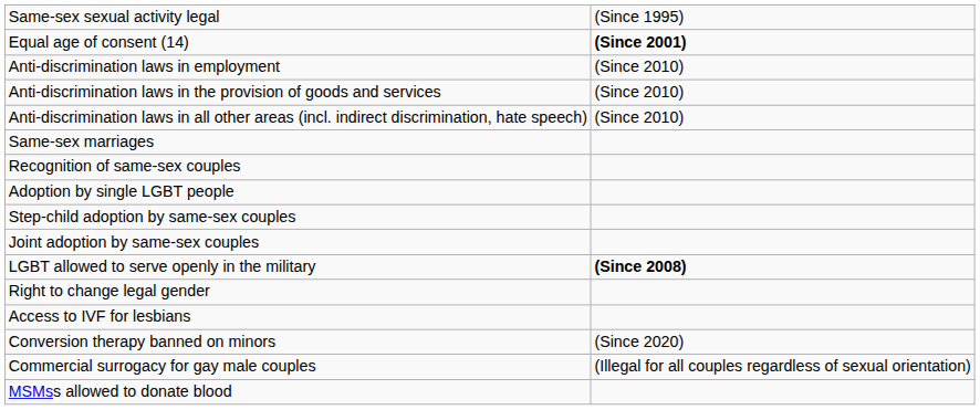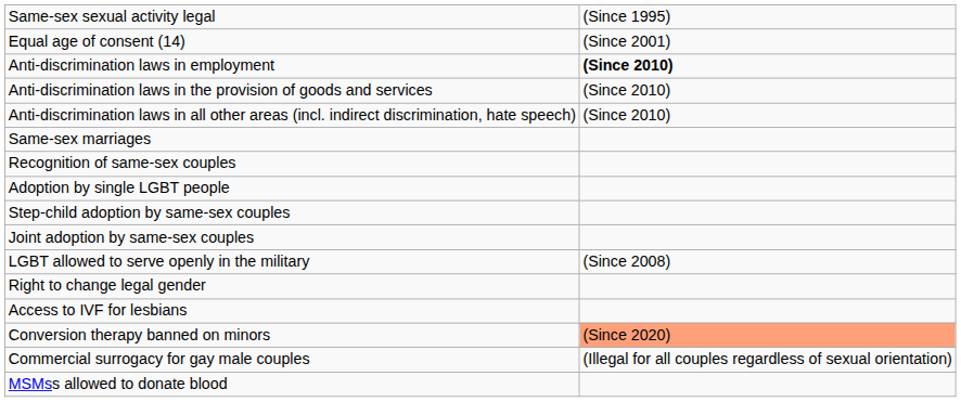 <table class="wikitable">
 <tr>
 <td>Same-sex sexual activity legal</td>
 <td> (Since 1995)</td>
 </tr>
 <tr>
 <td>Equal age of consent (14)</td>
-<td><strong> (Since 2001)</strong></td>
+<td> (Since 2001)</td>
 </tr>
 <tr>
 <td>Anti-discrimination laws in employment</td>
-<td> (Since 2010)</td>
+<td><strong> (Since 2010)</strong></td>
 </tr>
 <tr>
 <td>Anti-discrimination laws in the provision of goods and services</td>
 <td> (Since 2010)</td>
 </tr>
 <tr>
 <td>Anti-discrimination laws in all other areas (incl. indirect discrimination, hate speech)</td>
 <td> (Since 2010)</td>
 </tr>
 <tr>
 <td>Same-sex marriages</td>
 <td></td>
 </tr>
 <tr>
 <td>Recognition of same-sex couples</td>
 <td></td>
 </tr>
 <tr>
 <td>Adoption by single LGBT people</td>
 <td></td>
 </tr>
 <tr>
 <td>Step-child adoption by same-sex couples</td>
 <td></td>
 </tr>
 <tr>
 <td>Joint adoption by same-sex couples</td>
 <td></td>
 </tr>
 <tr>
 <td>LGBT allowed to serve openly in the military</td>
-<td><strong> (Since 2008)</strong></td>
+<td> (Since 2008)</td>
 </tr>
 <tr>
 <td>Right to change legal gender</td>
 <td></td>
 </tr>
 <tr>
 <td>Access to IVF for lesbians</td>
 <td></td>
 </tr>
 <tr>
 <td>Conversion therapy banned on minors</td>
-<td> (Since 2020)</td>
+<td style="background: lightsalmon;"> (Since 2020)</td>
 </tr>
 <tr>
 <td>Commercial surrogacy for gay male couples</td>
 <td> (Illegal for all couples regardless of sexual orientation)</td>
 </tr>
 <tr>
 <td><a href='#'>MSMs</a>s allowed to donate blood</td>
 <td></td>
 </tr>
 </table>
